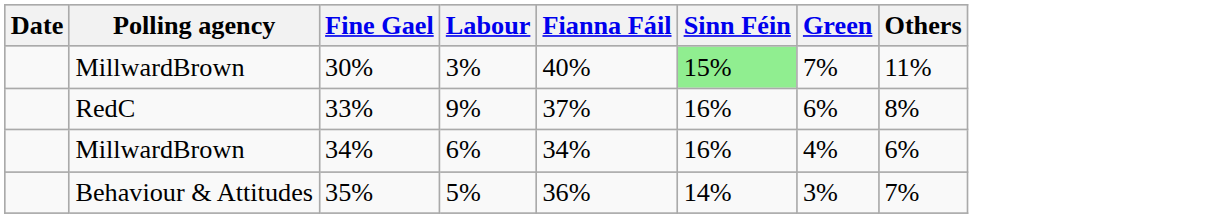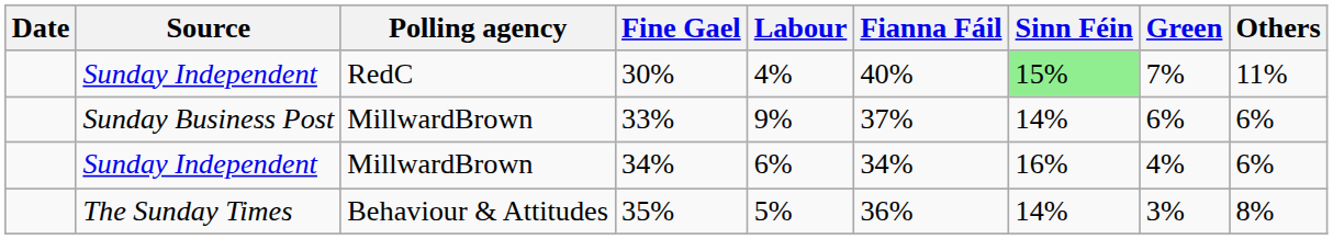 <table class="wikitable sortable">
 <tr>
 <th>Date</th>
+<th>Source</th>
 <th>Polling agency</th>
 <th class=unsortable style="background:"><a href='#'><span>Fine Gael</span></a></th>
 <th class=unsortable style="background:"><a href='#'><span>Labour</span></a></th>
 <th class=unsortable style="background:"><a href='#'><span>Fianna Fáil</span></a></th>
 <th class=unsortable style="background:"><a href='#'><span>Sinn Féin</span></a></th>
 <th class=unsortable style="background:"><a href='#'><span>Green</span></a></th>
 <th class=unsortable>Others</th>
 </tr>
 <tr>
 <td></td>
-<td>MillwardBrown</td>
+<td><em><a href='#'>Sunday Independent</a></em></td>
+<td>RedC</td>
 <td>30%</td>
-<td>3%</td>
+<td>4%</td>
 <td>40%</td>
 <td style="background: lightgreen;">15%</td>
 <td>7%</td>
 <td>11%</td>
 </tr>
 <tr>
 <td></td>
-<td>RedC</td>
+<td><em>Sunday Business Post</em></td>
+<td>MillwardBrown</td>
 <td>33%</td>
 <td>9%</td>
 <td>37%</td>
-<td>16%</td>
+<td>14%</td>
 <td>6%</td>
-<td>8%</td>
+<td>6%</td>
 </tr>
 <tr>
 <td></td>
+<td><em><a href='#'>Sunday Independent</a></em></td>
 <td>MillwardBrown</td>
 <td>34%</td>
 <td>6%</td>
 <td>34%</td>
 <td>16%</td>
 <td>4%</td>
 <td>6%</td>
 </tr>
 <tr>
 <td></td>
+<td><em>The Sunday Times</em></td>
 <td>Behaviour & Attitudes</td>
 <td>35%</td>
 <td>5%</td>
 <td>36%</td>
 <td>14%</td>
 <td>3%</td>
-<td>7%</td>
+<td>8%</td>
 </tr>
 </table>
